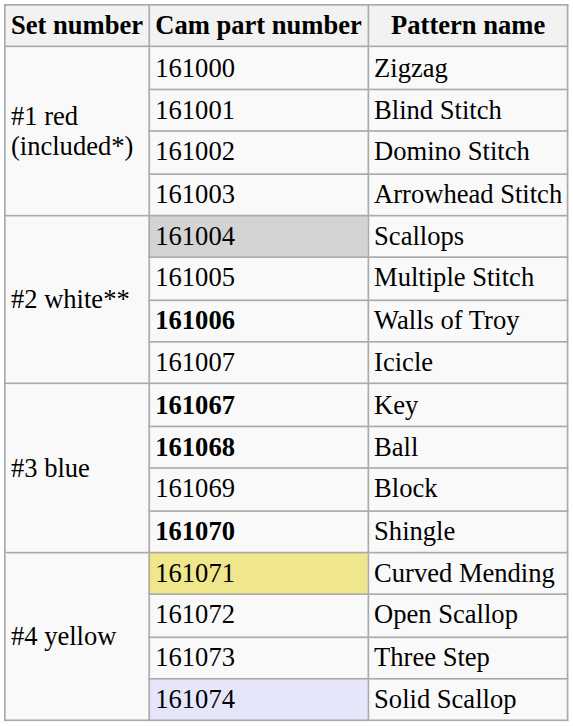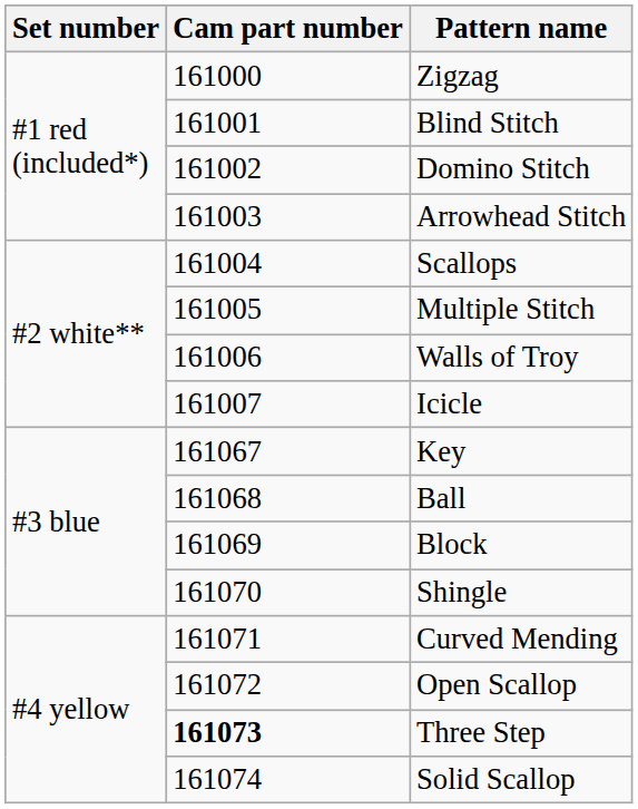 <table border="1" class="wikitable" align="center">
 <tr>
 <th>Set number</th>
 <th>Cam part number</th>
 <th>Pattern name</th>
 </tr>
 <tr>
 <td rowspan="4" style="center" style="background:#FFC0CB">#1 red<br>(included*)</td>
 <td>161000</td>
 <td>Zigzag</td>
 </tr>
 <tr>
 <td>161001</td>
 <td>Blind Stitch</td>
 </tr>
 <tr>
 <td>161002</td>
 <td>Domino Stitch</td>
 </tr>
 <tr>
 <td>161003</td>
 <td>Arrowhead Stitch</td>
 </tr>
 <tr>
 <td rowspan="4" style="center" style="background:#FFFFFF">#2 white**</td>
-<td style="background: lightgrey;">161004</td>
+<td>161004</td>
 <td>Scallops</td>
 </tr>
 <tr>
 <td>161005</td>
 <td>Multiple Stitch</td>
 </tr>
 <tr>
-<td><strong>161006</strong></td>
+<td>161006</td>
 <td>Walls of Troy</td>
 </tr>
 <tr>
 <td>161007</td>
 <td>Icicle</td>
 </tr>
 <tr>
 <td rowspan="4" style="center" style="background:#ADC8E6">#3 blue</td>
-<td><strong>161067</strong></td>
+<td>161067</td>
 <td>Key</td>
 </tr>
 <tr>
-<td><strong>161068</strong></td>
+<td>161068</td>
 <td>Ball</td>
 </tr>
 <tr>
 <td>161069</td>
 <td>Block</td>
 </tr>
 <tr>
-<td><strong>161070</strong></td>
+<td>161070</td>
 <td>Shingle</td>
 </tr>
 <tr>
 <td rowspan="4" style="center" style="background:#FAFAD2">#4 yellow</td>
-<td style="background: khaki;">161071</td>
+<td>161071</td>
 <td>Curved Mending</td>
 </tr>
 <tr>
 <td>161072</td>
 <td>Open Scallop</td>
 </tr>
 <tr>
-<td>161073</td>
+<td><strong>161073</strong></td>
 <td>Three Step</td>
 </tr>
 <tr>
-<td style="background: lavender;">161074</td>
+<td>161074</td>
 <td>Solid Scallop</td>
 </tr>
 </table>
